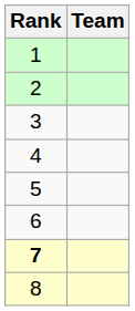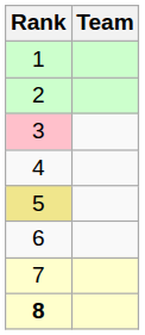 <table class=wikitable style="text-align: center;">
 <tr>
 <th>Rank</th>
 <th>Team</th>
 </tr>
 <tr style="background: #CCFFCC;">
 <td>1</td>
 <td style="text-align: left;"><strong></strong></td>
 </tr>
 <tr style="background: #CCFFCC;">
 <td>2</td>
 <td style="text-align: left;"><strong></strong></td>
 </tr>
 <tr>
-<td>3</td>
+<td style="background: pink;">3</td>
 <td style="text-align: left;"></td>
 </tr>
 <tr>
 <td>4</td>
 <td style="text-align: left;"></td>
 </tr>
 <tr>
-<td>5</td>
+<td style="background: khaki;">5</td>
 <td style="text-align: left;"></td>
 </tr>
 <tr>
 <td>6</td>
 <td style="text-align: left;"></td>
 </tr>
 <tr style="background: #FFFFCC;">
-<td><strong>7</strong></td>
+<td>7</td>
 <td style="text-align: left;"></td>
 </tr>
 <tr style="background: #FFFFCC;">
-<td>8</td>
+<td><strong>8</strong></td>
 <td style="text-align: left;"></td>
 </tr>
 </table>
